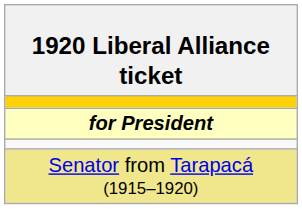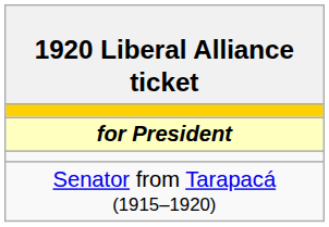 <table class="wikitable" style="font-size:90%; text-align:center;">
 <tr>
 <td style="background:#f1f1f1;" colspan="30"><br><big><strong>1920 Liberal Alliance ticket</strong></big></td>
 </tr>
 <tr>
 <th style="width:3em; font-size:135%; background:#FED105; width:200px;"><a href='#'></a></th>
 </tr>
 <tr style="color:#000; font-size:100%; background:#ffffbf;">
 <td style="width:3em; width:200px;"><strong><em>for President</em></strong></td>
 </tr>
 <tr>
 <td></td>
 </tr>
 <tr>
-<td style="background: khaki;"><a href='#'>Senator</a> from <a href='#'>Tarapacá</a><br><small>(1915–1920)</small></td>
+<td><a href='#'>Senator</a> from <a href='#'>Tarapacá</a><br><small>(1915–1920)</small></td>
 </tr>
 </table>
